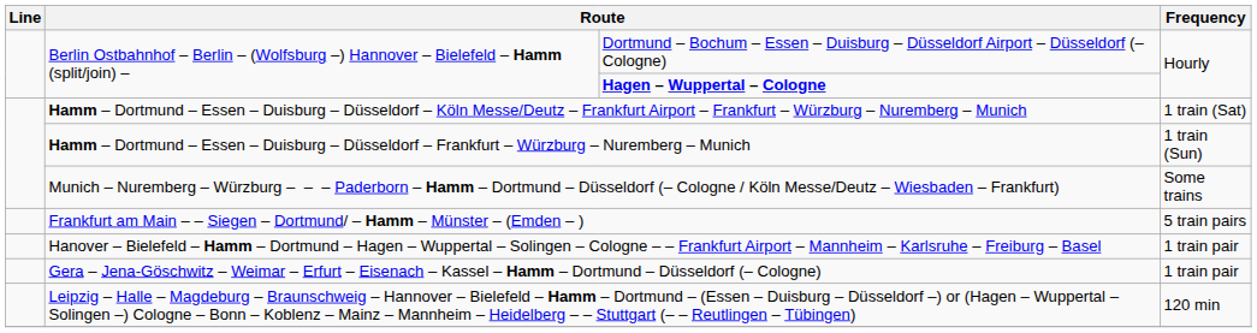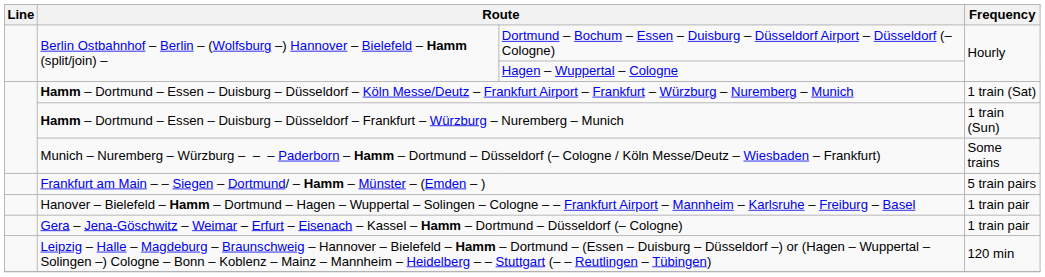 <table class="wikitable" width="100%">
 <tr class="hintergrundfarbe5">
 <th>Line</th>
 <th colspan="2">Route</th>
 <th>Frequency</th>
 </tr>
 <tr>
 <td rowspan="2"></td>
 <td rowspan="2"><a href='#'>Berlin Ostbahnhof</a> – <a href='#'>Berlin</a> – (<a href='#'>Wolfsburg</a> –) <a href='#'>Hannover</a> – <a href='#'>Bielefeld</a> – <strong>Hamm</strong> (split/join) –</td>
 <td><a href='#'>Dortmund</a> – <a href='#'>Bochum</a> – <a href='#'>Essen</a> – <a href='#'>Duisburg</a> – <a href='#'>Düsseldorf Airport</a> – <a href='#'>Düsseldorf</a> (– Cologne)</td>
 <td rowspan="2">Hourly</td>
 </tr>
 <tr>
-<td><strong><a href='#'>Hagen</a> – <a href='#'>Wuppertal</a> – <a href='#'>Cologne</a></strong></td>
+<td><a href='#'>Hagen</a> – <a href='#'>Wuppertal</a> – <a href='#'>Cologne</a></td>
 </tr>
 <tr>
 <td rowspan="3"></td>
 <td colspan="2"><strong>Hamm</strong> –  Dortmund – Essen – Duisburg – Düsseldorf – <a href='#'>Köln Messe/Deutz</a> – <a href='#'>Frankfurt Airport</a> – <a href='#'>Frankfurt</a> – <a href='#'>Würzburg</a> – <a href='#'>Nuremberg</a> – <a href='#'>Munich</a></td>
 <td>1 train (Sat)</td>
 </tr>
 <tr>
 <td colspan="2"><strong>Hamm</strong> – Dortmund – Essen – Duisburg – Düsseldorf –  Frankfurt – <a href='#'>Würzburg</a> – Nuremberg – Munich</td>
 <td>1 train (Sun)</td>
 </tr>
 <tr>
 <td colspan="2">Munich – Nuremberg – Würzburg –  –  – <a href='#'>Paderborn</a> – <strong>Hamm</strong> – Dortmund – Düsseldorf (– Cologne / Köln Messe/Deutz – <a href='#'>Wiesbaden</a> – Frankfurt)</td>
 <td>Some trains</td>
 </tr>
 <tr>
 <td></td>
 <td colspan="2"><a href='#'>Frankfurt am Main</a> –  – <a href='#'>Siegen</a> – <a href='#'>Dortmund</a>/ – <strong>Hamm</strong> – <a href='#'>Münster</a> – (<a href='#'>Emden</a> – )</td>
 <td>5 train pairs</td>
 </tr>
 <tr>
 <td></td>
 <td colspan="2">Hanover – Bielefeld – <strong>Hamm</strong> – Dortmund – Hagen – Wuppertal – Solingen – Cologne –  – <a href='#'>Frankfurt Airport</a> – <a href='#'>Mannheim</a> – <a href='#'>Karlsruhe</a> – <a href='#'>Freiburg</a> – <a href='#'>Basel</a></td>
 <td>1 train pair</td>
 </tr>
 <tr>
 <td></td>
 <td colspan="2"><a href='#'>Gera</a> – <a href='#'>Jena-Göschwitz</a> – <a href='#'>Weimar</a> – <a href='#'>Erfurt</a> – <a href='#'>Eisenach</a> – Kassel – <strong>Hamm</strong> – Dortmund – Düsseldorf (– Cologne)</td>
 <td>1 train pair</td>
 </tr>
 <tr>
 <td></td>
 <td colspan="2"><a href='#'>Leipzig</a> – <a href='#'>Halle</a> – <a href='#'>Magdeburg</a> – <a href='#'>Braunschweig</a> – Hannover – Bielefeld – <strong>Hamm</strong> – Dortmund – (Essen – Duisburg – Düsseldorf –) or (Hagen – Wuppertal – Solingen –) Cologne – Bonn – Koblenz – Mainz – Mannheim – <a href='#'>Heidelberg</a> –  – <a href='#'>Stuttgart</a> (–  – <a href='#'>Reutlingen</a> – <a href='#'>Tübingen</a>)</td>
 <td>120 min</td>
 </tr>
 <tr>
 </tr>
 </table>
